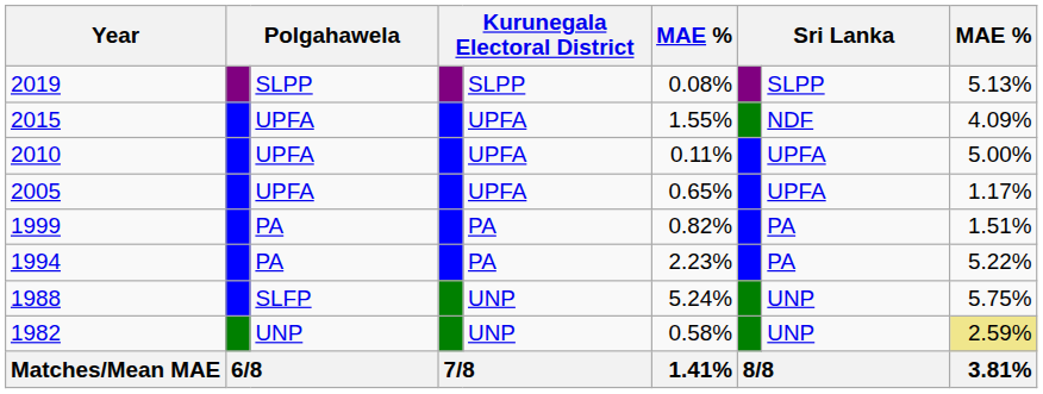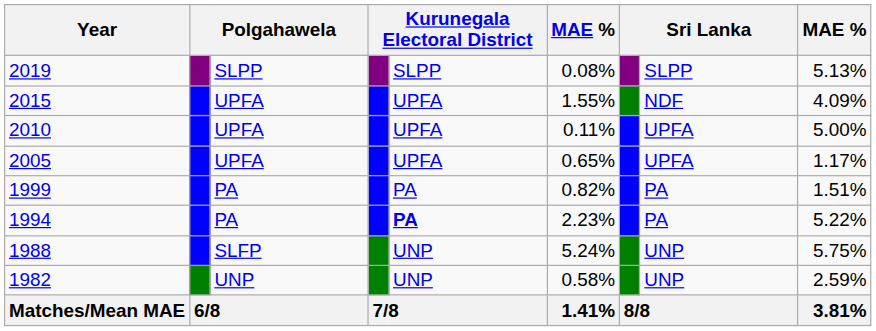 <table class="wikitable">
 <tr>
 <th>Year</th>
 <th colspan="2" width="144px">Polgahawela</th>
 <th colspan="2" width="144px"><a href='#'>Kurunegala Electoral District</a></th>
 <th><a href='#'>MAE</a> %</th>
 <th colspan="2" width="144px">Sri Lanka</th>
 <th>MAE %</th>
 </tr>
 <tr>
 <td><a href='#'>2019</a></td>
 <td style="background-color:purple;" width="10px"></td>
 <td style="text-align:left;"><a href='#'>SLPP</a></td>
 <td style="background-color:purple;" width="10px"></td>
 <td style="text-align:left;"><a href='#'>SLPP</a></td>
 <td style="text-align:right;">0.08%</td>
 <td style="background-color:purple;" width="10px"></td>
 <td style="text-align:left;"><a href='#'>SLPP</a></td>
 <td style="text-align:right;">5.13%</td>
 </tr>
 <tr>
 <td><a href='#'>2015</a></td>
 <td style="background-color:blue;" width="10px"></td>
 <td style="text-align:left;"><a href='#'>UPFA</a></td>
 <td style="background-color:blue;" width="10px"></td>
 <td style="text-align:left;"><a href='#'>UPFA</a></td>
 <td style="text-align:right;">1.55%</td>
 <td style="background-color:green;" width="10px"></td>
 <td style="text-align:left;"><a href='#'>NDF</a></td>
 <td style="text-align:right;">4.09%</td>
 </tr>
 <tr>
 <td><a href='#'>2010</a></td>
 <td style="background-color:blue;" width="10px"></td>
 <td style="text-align:left;"><a href='#'>UPFA</a></td>
 <td style="background-color:blue;" width="10px"></td>
 <td style="text-align:left;"><a href='#'>UPFA</a></td>
 <td style="text-align:right;">0.11%</td>
 <td style="background-color:blue;" width="10px"></td>
 <td style="text-align:left;"><a href='#'>UPFA</a></td>
 <td style="text-align:right;">5.00%</td>
 </tr>
 <tr>
 <td><a href='#'>2005</a></td>
 <td style="background-color:blue;" width="10px"></td>
 <td style="text-align:left;"><a href='#'>UPFA</a></td>
 <td style="background-color:blue;" width="10px"></td>
 <td style="text-align:left;"><a href='#'>UPFA</a></td>
 <td style="text-align:right;">0.65%</td>
 <td style="background-color:blue;" width="10px"></td>
 <td style="text-align:left;"><a href='#'>UPFA</a></td>
 <td style="text-align:right;">1.17%</td>
 </tr>
 <tr>
 <td><a href='#'>1999</a></td>
 <td style="background-color:blue;" width="10px"></td>
 <td style="text-align:left;"><a href='#'>PA</a></td>
 <td style="background-color:blue;" width="10px"></td>
 <td style="text-align:left;"><a href='#'>PA</a></td>
 <td style="text-align:right;">0.82%</td>
 <td style="background-color:blue;" width="10px"></td>
 <td style="text-align:left;"><a href='#'>PA</a></td>
 <td style="text-align:right;">1.51%</td>
 </tr>
 <tr>
 <td><a href='#'>1994</a></td>
 <td style="background-color:blue;" width="10px"></td>
 <td style="text-align:left;"><a href='#'>PA</a></td>
 <td style="background-color:blue;" width="10px"></td>
-<td style="text-align:left;"><a href='#'>PA</a></td>
+<td style="text-align:left;"><strong><a href='#'>PA</a></strong></td>
 <td style="text-align:right;">2.23%</td>
 <td style="background-color:blue;" width="10px"></td>
 <td style="text-align:left;"><a href='#'>PA</a></td>
 <td style="text-align:right;">5.22%</td>
 </tr>
 <tr>
 <td><a href='#'>1988</a></td>
 <td style="background-color:blue;" width="10px"></td>
 <td style="text-align:left;"><a href='#'>SLFP</a></td>
 <td style="background-color:green;" width="10px"></td>
 <td style="text-align:left;"><a href='#'>UNP</a></td>
 <td style="text-align:right;">5.24%</td>
 <td style="background-color:green;" width="10px"></td>
 <td style="text-align:left;"><a href='#'>UNP</a></td>
 <td style="text-align:right;">5.75%</td>
 </tr>
 <tr>
 <td><a href='#'>1982</a></td>
 <td style="background-color:green;" width="10px"></td>
 <td style="text-align:left;"><a href='#'>UNP</a></td>
 <td style="background-color:green;" width="10px"></td>
 <td style="text-align:left;"><a href='#'>UNP</a></td>
 <td style="text-align:right;">0.58%</td>
 <td style="background-color:green;" width="10px"></td>
 <td style="text-align:left;"><a href='#'>UNP</a></td>
-<td style="background: khaki; text-align:right;">2.59%</td>
+<td style="text-align:right;">2.59%</td>
 </tr>
 <tr>
 <th>Matches/Mean MAE</th>
 <th style="text-align:left;"colspan="2" width="144px">6/8</th>
 <th style="text-align:left;"colspan="2" width="144px">7/8</th>
 <th style="text-align:right;">1.41%</th>
 <th style="text-align:left;"colspan="2" width="144px">8/8</th>
 <th style="text-align:right;">3.81%</th>
 </tr>
 </table>
